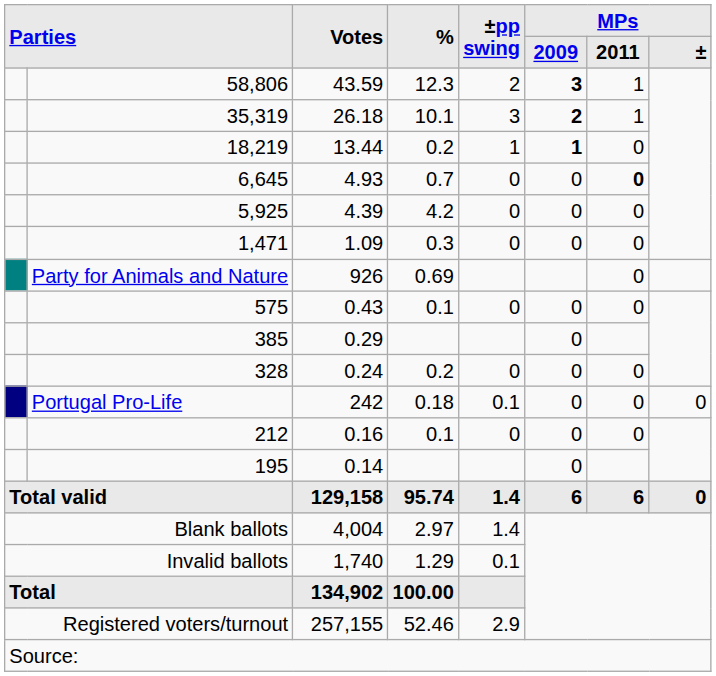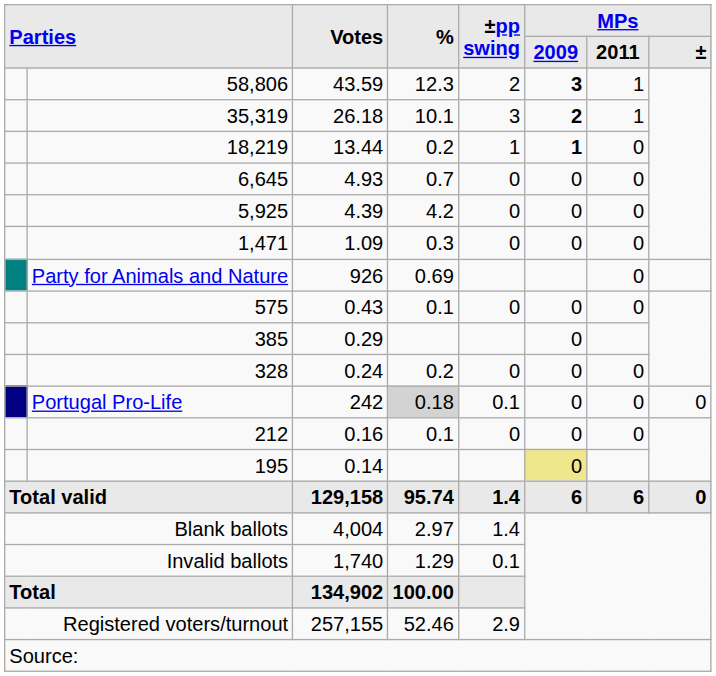 <table class="wikitable" style="text-align:right; font-size:95%;">
 <tr>
 <th rowspan="2" colspan="2" style="background:#e9e9e9; text-align:left;" alignleft><a href='#'>Parties</a></th>
 <th rowspan="2" style="background:#e9e9e9; text-align:right;">Votes</th>
 <th rowspan="2" style="background:#e9e9e9; text-align:right;">%</th>
 <th rowspan="2" style="background:#e9e9e9; text-align:right;">±<a href='#'>pp</a> <a href='#'>swing</a></th>
 <th colspan="3" style="background:#e9e9e9; text-align:center;"><a href='#'>MPs</a></th>
 </tr>
 <tr style="background-color:#E9E9E9">
 <th style="background-color:#E9E9E9;text-align:center;"><a href='#'>2009</a></th>
 <th style="background-color:#E9E9E9;text-align:center;">2011</th>
 <th style="background:#e9e9e9; text-align:right;">±</th>
 </tr>
 <tr>
 <td></td>
 <td>58,806</td>
 <td>43.59</td>
 <td>12.3</td>
 <td>2</td>
 <td><strong>3</strong></td>
 <td>1</td>
 </tr>
 <tr>
 <td></td>
 <td>35,319</td>
 <td>26.18</td>
 <td>10.1</td>
 <td>3</td>
 <td><strong>2</strong></td>
 <td>1</td>
 </tr>
 <tr>
 <td></td>
 <td>18,219</td>
 <td>13.44</td>
 <td>0.2</td>
 <td>1</td>
 <td><strong>1</strong></td>
 <td>0</td>
 </tr>
 <tr>
 <td></td>
 <td>6,645</td>
 <td>4.93</td>
 <td>0.7</td>
 <td>0</td>
 <td>0</td>
-<td><strong>0</strong></td>
+<td>0</td>
 </tr>
 <tr>
 <td></td>
 <td>5,925</td>
 <td>4.39</td>
 <td>4.2</td>
 <td>0</td>
 <td>0</td>
 <td>0</td>
 </tr>
 <tr>
 <td></td>
 <td>1,471</td>
 <td>1.09</td>
 <td>0.3</td>
 <td>0</td>
 <td>0</td>
 <td>0</td>
 </tr>
 <tr>
 <td style="width: 10px" bgcolor="teal" align="center"></td>
 <td align="left"><a href='#'>Party for Animals and Nature</a></td>
 <td>926</td>
 <td>0.69</td>
 <td></td>
 <td></td>
 <td>0</td>
 <td></td>
 </tr>
 <tr>
 <td></td>
 <td>575</td>
 <td>0.43</td>
 <td>0.1</td>
 <td>0</td>
 <td>0</td>
 <td>0</td>
 </tr>
 <tr>
 <td></td>
 <td>385</td>
 <td>0.29</td>
 <td></td>
 <td></td>
 <td>0</td>
 <td></td>
 </tr>
 <tr>
 <td></td>
 <td>328</td>
 <td>0.24</td>
 <td>0.2</td>
 <td>0</td>
 <td>0</td>
 <td>0</td>
 </tr>
 <tr>
 <td style="width:10px;background-color:#000080;text-align:center;"></td>
 <td style="text-align:left;"><a href='#'>Portugal Pro-Life</a></td>
 <td>242</td>
-<td>0.18</td>
+<td style="background: lightgrey;">0.18</td>
 <td>0.1</td>
 <td>0</td>
 <td>0</td>
 <td>0</td>
 </tr>
 <tr>
 <td></td>
 <td>212</td>
 <td>0.16</td>
 <td>0.1</td>
 <td>0</td>
 <td>0</td>
 <td>0</td>
 </tr>
 <tr>
 <td></td>
 <td>195</td>
 <td>0.14</td>
 <td></td>
 <td></td>
-<td>0</td>
+<td style="background: khaki;">0</td>
 <td></td>
 </tr>
 <tr>
 <td colspan=2 align=left style="background-color:#E9E9E9"><strong>Total valid</strong></td>
 <td width="65" align="right" style="background-color:#E9E9E9"><strong>129,158</strong></td>
 <td width="40" align="right" style="background-color:#E9E9E9"><strong>95.74</strong></td>
 <td width="40" align="right" style="background-color:#E9E9E9"><strong>1.4</strong></td>
 <td width="40" align="right" style="background-color:#E9E9E9"><strong>6</strong></td>
 <td width="40" align="right" style="background-color:#E9E9E9"><strong>6</strong></td>
 <td width="40" align="right" style="background-color:#E9E9E9"><strong>0</strong></td>
 </tr>
 <tr>
 <td colspan=2>Blank ballots</td>
 <td>4,004</td>
 <td>2.97</td>
 <td>1.4</td>
 <td colspan=4 rowspan=4></td>
 </tr>
 <tr>
 <td colspan=2>Invalid ballots</td>
 <td>1,740</td>
 <td>1.29</td>
 <td>0.1</td>
 </tr>
 <tr>
 <td colspan=2 align=left style="background-color:#E9E9E9"><strong>Total</strong></td>
 <td width="50" align="right" style="background-color:#E9E9E9"><strong>134,902</strong></td>
 <td width="40" align="right" style="background-color:#E9E9E9"><strong>100.00</strong></td>
 <td width="40" align="right" style="background-color:#E9E9E9"></td>
 </tr>
 <tr>
 <td colspan=2>Registered voters/turnout</td>
 <td>257,155</td>
 <td>52.46</td>
 <td>2.9</td>
 </tr>
 <tr>
 <td colspan=11 align=left>Source: </td>
 </tr>
 </table>
